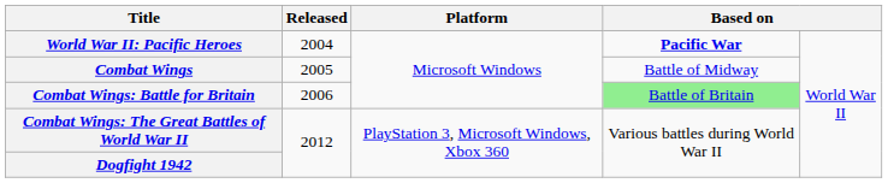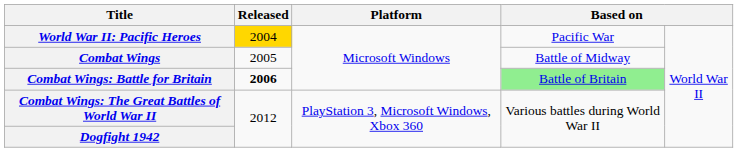 <table class="wikitable sortable plainrowheaders" style="text-align: center">
 <tr>
 <th>Title</th>
 <th>Released</th>
 <th>Platform</th>
 <th colspan="2">Based on</th>
 </tr>
 <tr>
 <th scope="row"><em><a href='#'>World War II: Pacific Heroes</a></em></th>
-<td>2004</td>
+<td style="background: gold;">2004</td>
 <td rowspan="3"><a href='#'>Microsoft Windows</a></td>
-<td><strong><a href='#'>Pacific War</a></strong></td>
+<td><a href='#'>Pacific War</a></td>
 <td rowspan="5"><a href='#'>World War II</a></td>
 </tr>
 <tr>
 <th scope="row"><em><a href='#'>Combat Wings</a></em></th>
 <td>2005</td>
 <td><a href='#'>Battle of Midway</a></td>
 </tr>
 <tr>
 <th scope="row"><em><a href='#'>Combat Wings: Battle for Britain</a></em></th>
-<td>2006</td>
+<td><strong>2006</strong></td>
 <td style="background: lightgreen;"><a href='#'>Battle of Britain</a></td>
 </tr>
 <tr>
 <th scope="row"><em><a href='#'>Combat Wings: The Great Battles of World War II</a></em></th>
 <td rowspan="2">2012</td>
 <td rowspan="2"><a href='#'>PlayStation 3</a>, <a href='#'>Microsoft Windows</a>, <a href='#'>Xbox 360</a></td>
 <td rowspan="2">Various battles during World War II</td>
 </tr>
 <tr>
 <th scope="row"><em><a href='#'>Dogfight 1942</a></em></th>
 </tr>
 </table>
